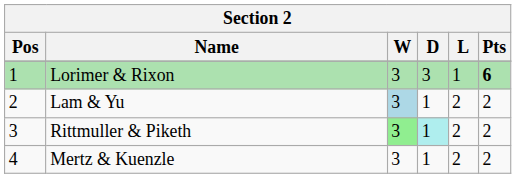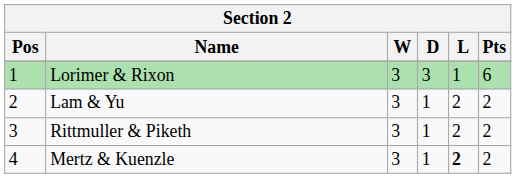 <table class="wikitable">
 <tr>
 <th colspan="6">Section 2</th>
 </tr>
 <tr>
 <th width=30>Pos</th>
 <th width=300>Name</th>
 <th width=20>W</th>
 <th width=20>D</th>
 <th width=20>L</th>
 <th width=20>Pts</th>
 </tr>
 <tr>
 </tr>
 <tr style="background:#ACE1AF;">
 <td>1</td>
 <td> Lorimer & Rixon</td>
 <td>3</td>
 <td>3</td>
 <td>1</td>
-<td><strong>6</strong></td>
+<td>6</td>
 </tr>
 <tr>
 <td>2</td>
 <td> Lam & Yu</td>
-<td style="background: lightblue;">3</td>
+<td>3</td>
 <td>1</td>
 <td>2</td>
 <td>2</td>
 </tr>
 <tr>
 <td>3</td>
 <td> Rittmuller & Piketh</td>
-<td style="background: lightgreen;">3</td>
-<td style="background: paleturquoise;">1</td>
+<td>3</td>
+<td>1</td>
 <td>2</td>
 <td>2</td>
 </tr>
 <tr>
 <td>4</td>
 <td> Mertz & Kuenzle</td>
 <td>3</td>
 <td>1</td>
-<td>2</td>
+<td><strong>2</strong></td>
 <td>2</td>
 </tr>
 </table>
